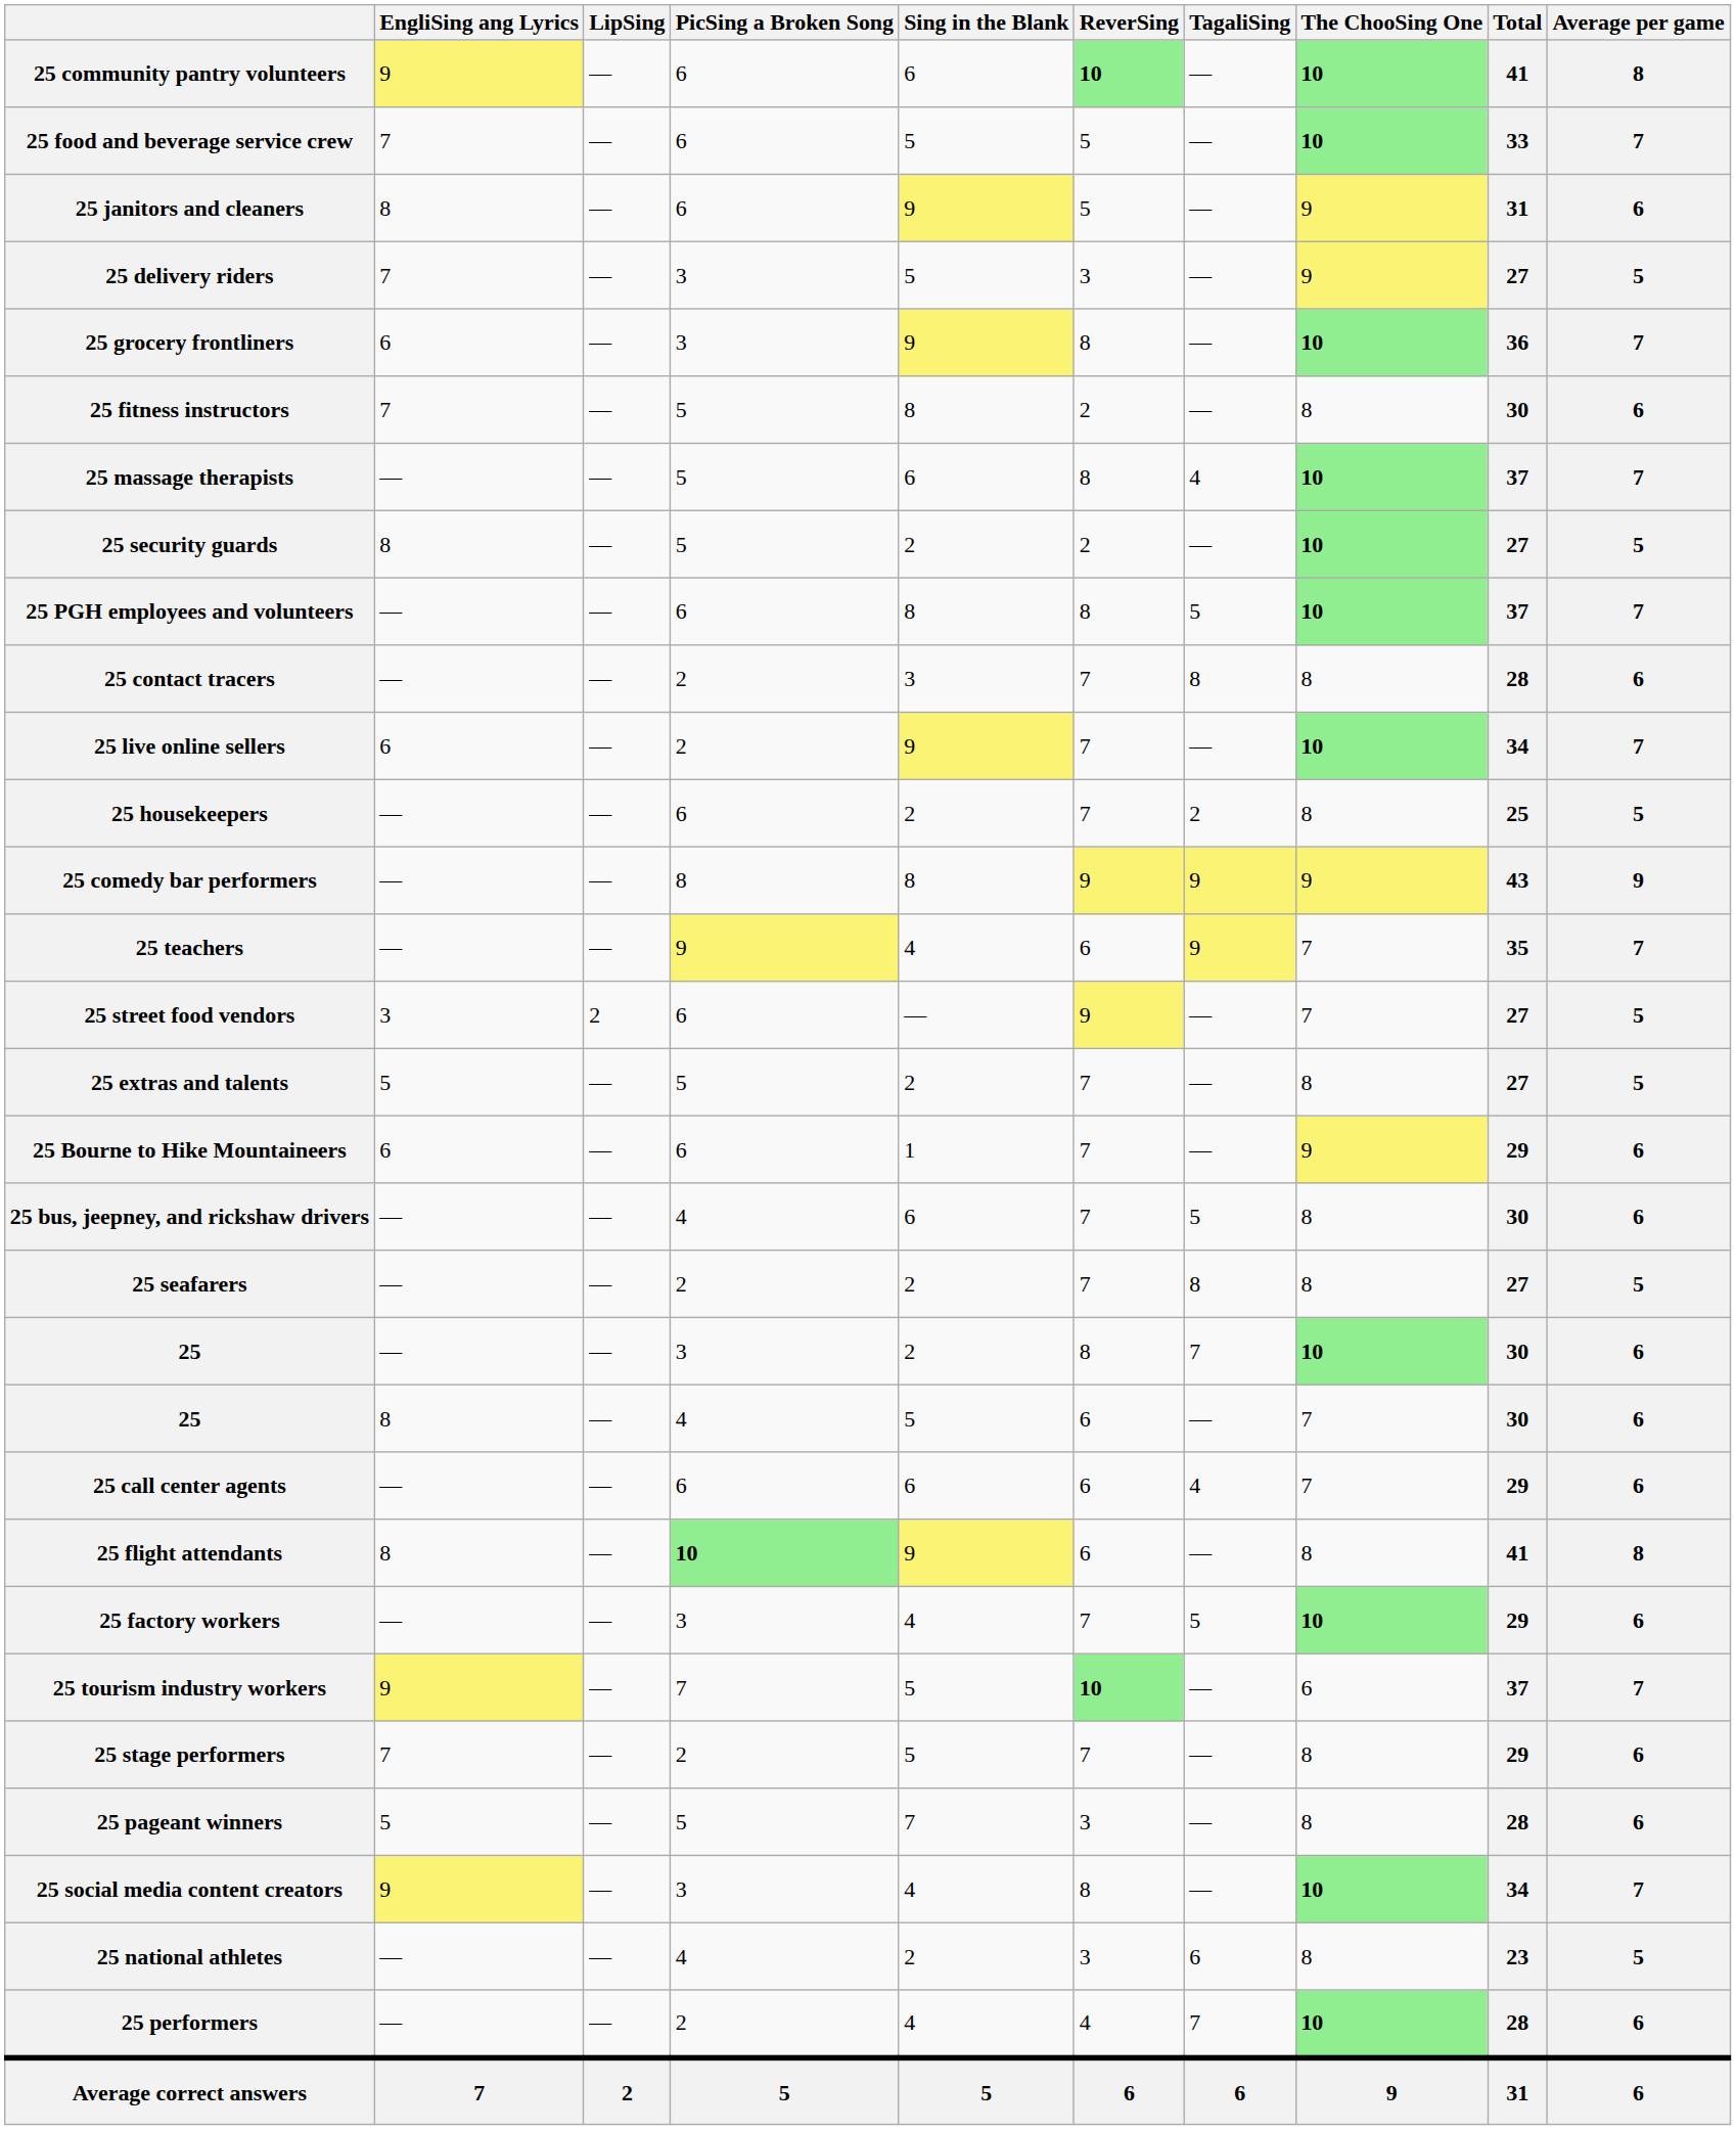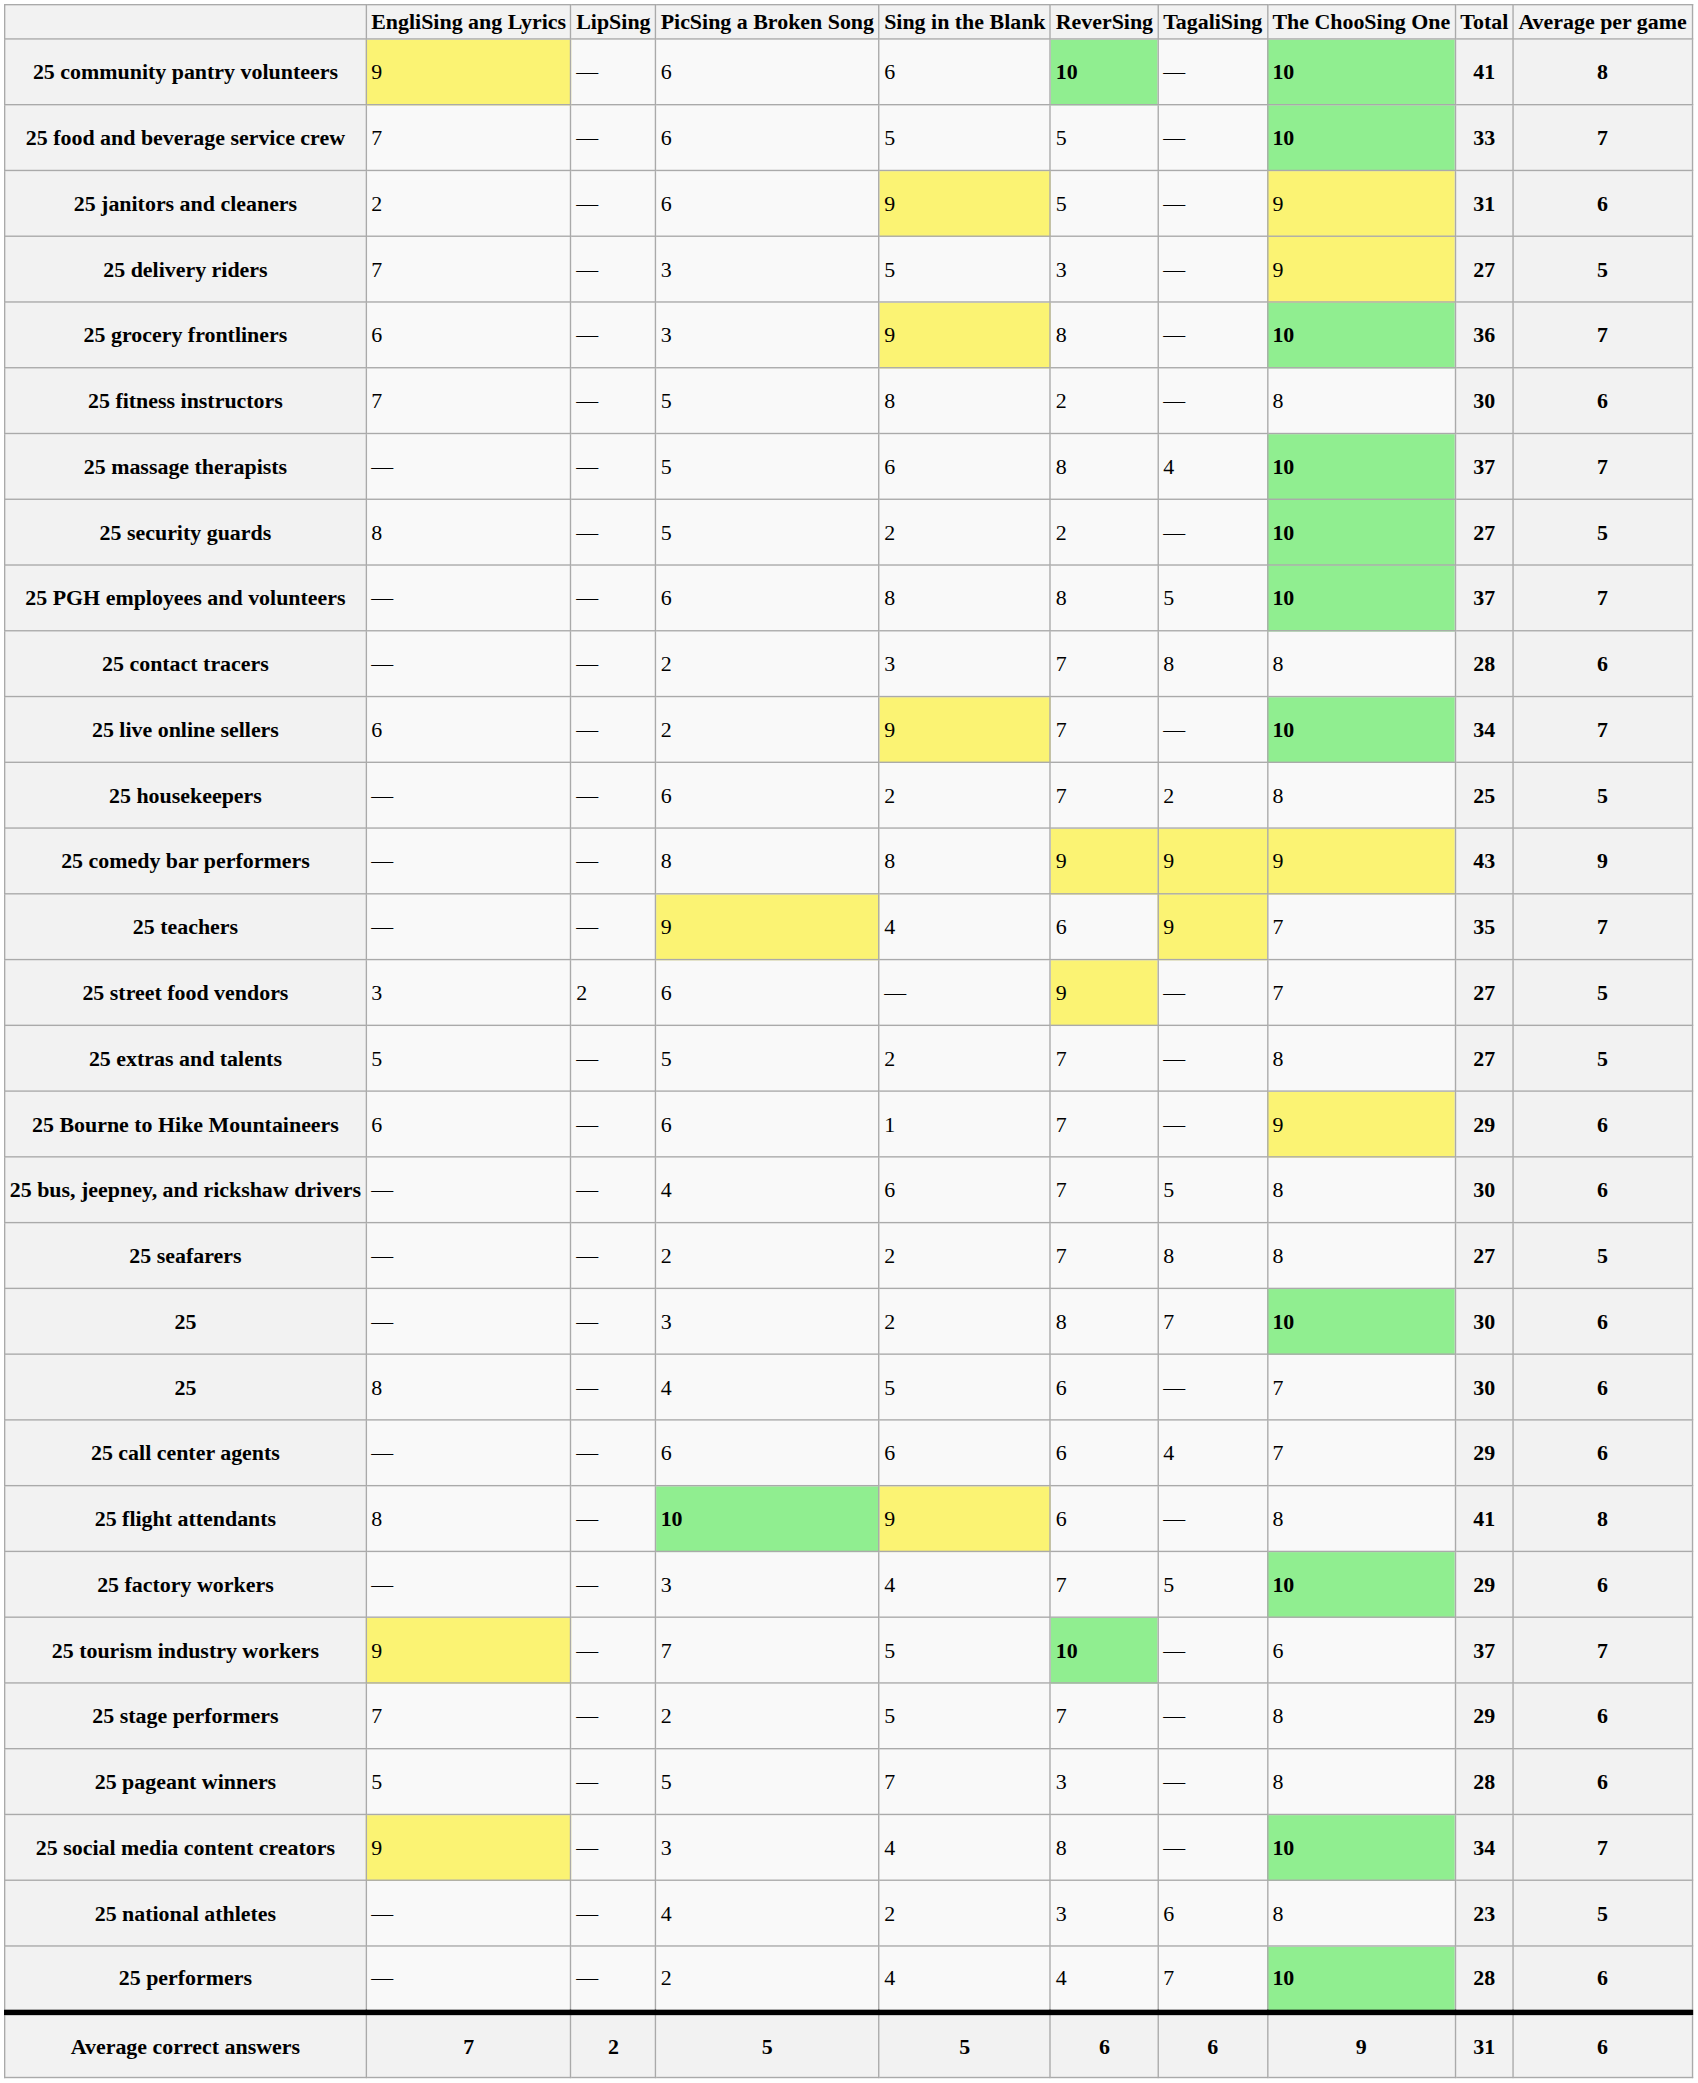 <table class="wikitable collapsible ">
 <tr>
 <th></th>
 <th>EngliSing ang Lyrics</th>
 <th>LipSing</th>
 <th>PicSing a Broken Song</th>
 <th>Sing in the Blank</th>
 <th>ReverSing</th>
 <th>TagaliSing</th>
 <th>The ChooSing One</th>
 <th>Total</th>
 <th>Average per game</th>
 </tr>
 <tr style="height: 3em;">
 <th>25 community pantry volunteers</th>
 <td style="background:#FBF373;">9</td>
 <td>—</td>
 <td>6</td>
 <td>6</td>
 <td style="background:lightgreen;"><strong>10</strong></td>
 <td>—</td>
 <td style="background:lightgreen;"><strong>10</strong></td>
 <th>41</th>
 <th>8</th>
 </tr>
 <tr style="height: 3em;">
 <th>25 food and beverage service crew</th>
 <td>7</td>
 <td>—</td>
 <td>6</td>
 <td>5</td>
 <td>5</td>
 <td>—</td>
 <td style="background:lightgreen;"><strong>10</strong></td>
 <th>33</th>
 <th>7</th>
 </tr>
 <tr style="height: 3em;">
 <th>25 janitors and cleaners</th>
-<td>8</td>
+<td>2</td>
 <td>—</td>
 <td>6</td>
 <td style="background:#FBF373;">9</td>
 <td>5</td>
 <td>—</td>
 <td style="background:#FBF373;">9</td>
 <th>31</th>
 <th>6</th>
 </tr>
 <tr style="height: 3em;">
 <th>25 delivery riders</th>
 <td>7</td>
 <td>—</td>
 <td>3</td>
 <td>5</td>
 <td>3</td>
 <td>—</td>
 <td style="background:#FBF373;">9</td>
 <th>27</th>
 <th>5</th>
 </tr>
 <tr style="height: 3em;">
 <th>25 grocery frontliners</th>
 <td>6</td>
 <td>—</td>
 <td>3</td>
 <td style="background:#FBF373;">9</td>
 <td>8</td>
 <td>—</td>
 <td style="background:lightgreen;"><strong>10</strong></td>
 <th>36</th>
 <th>7</th>
 </tr>
 <tr style="height: 3em;">
 <th>25 fitness instructors</th>
 <td>7</td>
 <td>—</td>
 <td>5</td>
 <td>8</td>
 <td>2</td>
 <td>—</td>
 <td>8</td>
 <th>30</th>
 <th>6</th>
 </tr>
 <tr style="height: 3em;">
 <th>25 massage therapists</th>
 <td>—</td>
 <td>—</td>
 <td>5</td>
 <td>6</td>
 <td>8</td>
 <td>4</td>
 <td style="background:lightgreen;"><strong>10</strong></td>
 <th>37</th>
 <th>7</th>
 </tr>
 <tr style="height: 3em;">
 <th>25 security guards</th>
 <td>8</td>
 <td>—</td>
 <td>5</td>
 <td>2</td>
 <td>2</td>
 <td>—</td>
 <td style="background:lightgreen;"><strong>10</strong></td>
 <th>27</th>
 <th>5</th>
 </tr>
 <tr style="height: 3em;">
 <th>25 PGH employees and volunteers</th>
 <td>—</td>
 <td>—</td>
 <td>6</td>
 <td>8</td>
 <td>8</td>
 <td>5</td>
 <td style="background:lightgreen;"><strong>10</strong></td>
 <th>37</th>
 <th>7</th>
 </tr>
 <tr style="height: 3em;">
 <th>25 contact tracers</th>
 <td>—</td>
 <td>—</td>
 <td>2</td>
 <td>3</td>
 <td>7</td>
 <td>8</td>
 <td>8</td>
 <th>28</th>
 <th>6</th>
 </tr>
 <tr style="height: 3em;">
 <th>25 live online sellers</th>
 <td>6</td>
 <td>—</td>
 <td>2</td>
 <td style="background:#FBF373;">9</td>
 <td>7</td>
 <td>—</td>
 <td style="background:lightgreen;"><strong>10</strong></td>
 <th>34</th>
 <th>7</th>
 </tr>
 <tr style="height: 3em;">
 <th>25 housekeepers</th>
 <td>—</td>
 <td>—</td>
 <td>6</td>
 <td>2</td>
 <td>7</td>
 <td>2</td>
 <td>8</td>
 <th>25</th>
 <th>5</th>
 </tr>
 <tr style="height: 3em;">
 <th>25 comedy bar performers</th>
 <td>—</td>
 <td>—</td>
 <td>8</td>
 <td>8</td>
 <td style="background:#FBF373;">9</td>
 <td style="background:#FBF373;">9</td>
 <td style="background:#FBF373;">9</td>
 <th>43</th>
 <th>9</th>
 </tr>
 <tr style="height: 3em;">
 <th>25 teachers</th>
 <td>—</td>
 <td>—</td>
 <td style="background:#FBF373;">9</td>
 <td>4</td>
 <td>6</td>
 <td style="background:#FBF373;">9</td>
 <td>7</td>
 <th>35</th>
 <th>7</th>
 </tr>
 <tr style="height: 3em;">
 <th>25 street food vendors</th>
 <td>3</td>
 <td>2</td>
 <td>6</td>
 <td>—</td>
 <td style="background:#FBF373;">9</td>
 <td>—</td>
 <td>7</td>
 <th>27</th>
 <th>5</th>
 </tr>
 <tr style="height: 3em;">
 <th>25 extras and talents</th>
 <td>5</td>
 <td>—</td>
 <td>5</td>
 <td>2</td>
 <td>7</td>
 <td>—</td>
 <td>8</td>
 <th>27</th>
 <th>5</th>
 </tr>
 <tr style="height: 3em;">
 <th>25 Bourne to Hike Mountaineers</th>
 <td>6</td>
 <td>—</td>
 <td>6</td>
 <td>1</td>
 <td>7</td>
 <td>—</td>
 <td style="background:#FBF373;">9</td>
 <th>29</th>
 <th>6</th>
 </tr>
 <tr style="height: 3em;">
 <th>25 bus, jeepney, and rickshaw drivers</th>
 <td>—</td>
 <td>—</td>
 <td>4</td>
 <td>6</td>
 <td>7</td>
 <td>5</td>
 <td>8</td>
 <th>30</th>
 <th>6</th>
 </tr>
 <tr style="height: 3em;">
 <th>25 seafarers</th>
 <td>—</td>
 <td>—</td>
 <td>2</td>
 <td>2</td>
 <td>7</td>
 <td>8</td>
 <td>8</td>
 <th>27</th>
 <th>5</th>
 </tr>
 <tr style="height: 3em;">
 <th>25 </th>
 <td>—</td>
 <td>—</td>
 <td>3</td>
 <td>2</td>
 <td>8</td>
 <td>7</td>
 <td style="background:lightgreen;"><strong>10</strong></td>
 <th>30</th>
 <th>6</th>
 </tr>
 <tr style="height: 3em;">
 <th>25 </th>
 <td>8</td>
 <td>—</td>
 <td>4</td>
 <td>5</td>
 <td>6</td>
 <td>—</td>
 <td>7</td>
 <th>30</th>
 <th>6</th>
 </tr>
 <tr style="height: 3em;">
 <th>25 call center agents</th>
 <td>—</td>
 <td>—</td>
 <td>6</td>
 <td>6</td>
 <td>6</td>
 <td>4</td>
 <td>7</td>
 <th>29</th>
 <th>6</th>
 </tr>
 <tr style="height: 3em;">
 <th>25 flight attendants</th>
 <td>8</td>
 <td>—</td>
 <td style="background:lightgreen;"><strong>10</strong></td>
 <td style="background:#FBF373;">9</td>
 <td>6</td>
 <td>—</td>
 <td>8</td>
 <th>41</th>
 <th>8</th>
 </tr>
 <tr style="height: 3em;">
 <th>25 factory workers</th>
 <td>—</td>
 <td>—</td>
 <td>3</td>
 <td>4</td>
 <td>7</td>
 <td>5</td>
 <td style="background:lightgreen;"><strong>10</strong></td>
 <th>29</th>
 <th>6</th>
 </tr>
 <tr style="height: 3em;">
 <th>25 tourism industry workers</th>
 <td style="background:#FBF373;">9</td>
 <td>—</td>
 <td>7</td>
 <td>5</td>
 <td style="background:lightgreen;"><strong>10</strong></td>
 <td>—</td>
 <td>6</td>
 <th>37</th>
 <th>7</th>
 </tr>
 <tr style="height: 3em;">
 <th>25 stage performers</th>
 <td>7</td>
 <td>—</td>
 <td>2</td>
 <td>5</td>
 <td>7</td>
 <td>—</td>
 <td>8</td>
 <th>29</th>
 <th>6</th>
 </tr>
 <tr style="height: 3em;">
 <th>25 pageant winners</th>
 <td>5</td>
 <td>—</td>
 <td>5</td>
 <td>7</td>
 <td>3</td>
 <td>—</td>
 <td>8</td>
 <th>28</th>
 <th>6</th>
 </tr>
 <tr style="height: 3em;">
 <th>25 social media content creators</th>
 <td style="background:#FBF373;">9</td>
 <td>—</td>
 <td>3</td>
 <td>4</td>
 <td>8</td>
 <td>—</td>
 <td style="background:lightgreen;"><strong>10</strong></td>
 <th>34</th>
 <th>7</th>
 </tr>
 <tr style="height: 3em;">
 <th>25 national athletes</th>
 <td>—</td>
 <td>—</td>
 <td>4</td>
 <td>2</td>
 <td>3</td>
 <td>6</td>
 <td>8</td>
 <th>23</th>
 <th>5</th>
 </tr>
 <tr style="height: 3em;">
 <th>25  performers</th>
 <td>—</td>
 <td>—</td>
 <td>2</td>
 <td>4</td>
 <td>4</td>
 <td>7</td>
 <td style="background:lightgreen;"><strong>10</strong></td>
 <th>28</th>
 <th>6</th>
 </tr>
 <tr style="border-top: solid 4px; height: 3em;">
 <th>Average correct answers</th>
 <th>7</th>
 <th>2</th>
 <th>5</th>
 <th>5</th>
 <th>6</th>
 <th>6</th>
 <th>9</th>
 <th>31</th>
 <th>6</th>
 </tr>
 </table>
